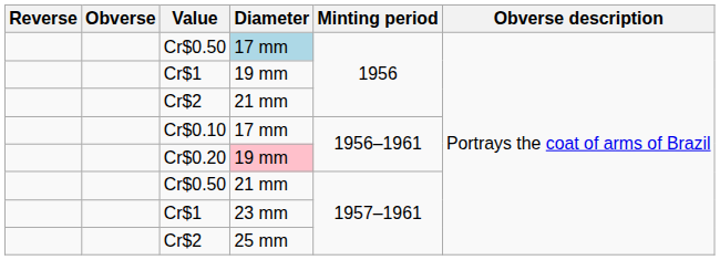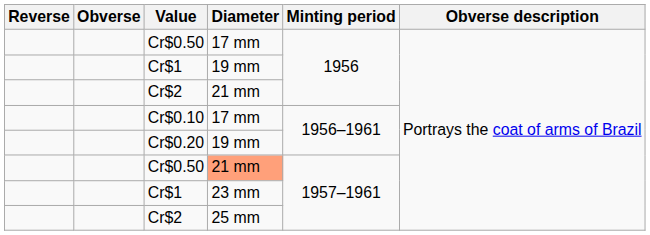 <table class="wikitable">
 <tr>
 <th>Reverse</th>
 <th>Obverse</th>
 <th>Value</th>
 <th>Diameter</th>
 <th>Minting period</th>
 <th>Obverse description</th>
 </tr>
 <tr>
 <td></td>
 <td></td>
 <td>Cr$0.50</td>
-<td style="background: lightblue;">17 mm</td>
+<td>17 mm</td>
 <td rowspan=3 style="text-align: center;">1956</td>
 <td rowspan=8>Portrays the <a href='#'>coat of arms of Brazil</a></td>
 </tr>
 <tr>
 <td></td>
 <td></td>
 <td>Cr$1</td>
 <td>19 mm</td>
 </tr>
 <tr>
 <td></td>
 <td></td>
 <td>Cr$2</td>
 <td>21 mm</td>
 </tr>
 <tr>
 <td></td>
 <td></td>
 <td>Cr$0.10</td>
 <td>17 mm</td>
 <td rowspan=2 style="text-align: center;">1956–1961</td>
 </tr>
 <tr>
 <td></td>
 <td></td>
 <td>Cr$0.20</td>
-<td style="background: pink;">19 mm</td>
+<td>19 mm</td>
 </tr>
 <tr>
 <td></td>
 <td></td>
 <td>Cr$0.50</td>
-<td>21 mm</td>
+<td style="background: lightsalmon;">21 mm</td>
 <td rowspan=3 style="text-align: center;">1957–1961</td>
 </tr>
 <tr>
 <td></td>
 <td></td>
 <td>Cr$1</td>
 <td>23 mm</td>
 </tr>
 <tr>
 <td></td>
 <td></td>
 <td>Cr$2</td>
 <td>25 mm</td>
 </tr>
 </table>
